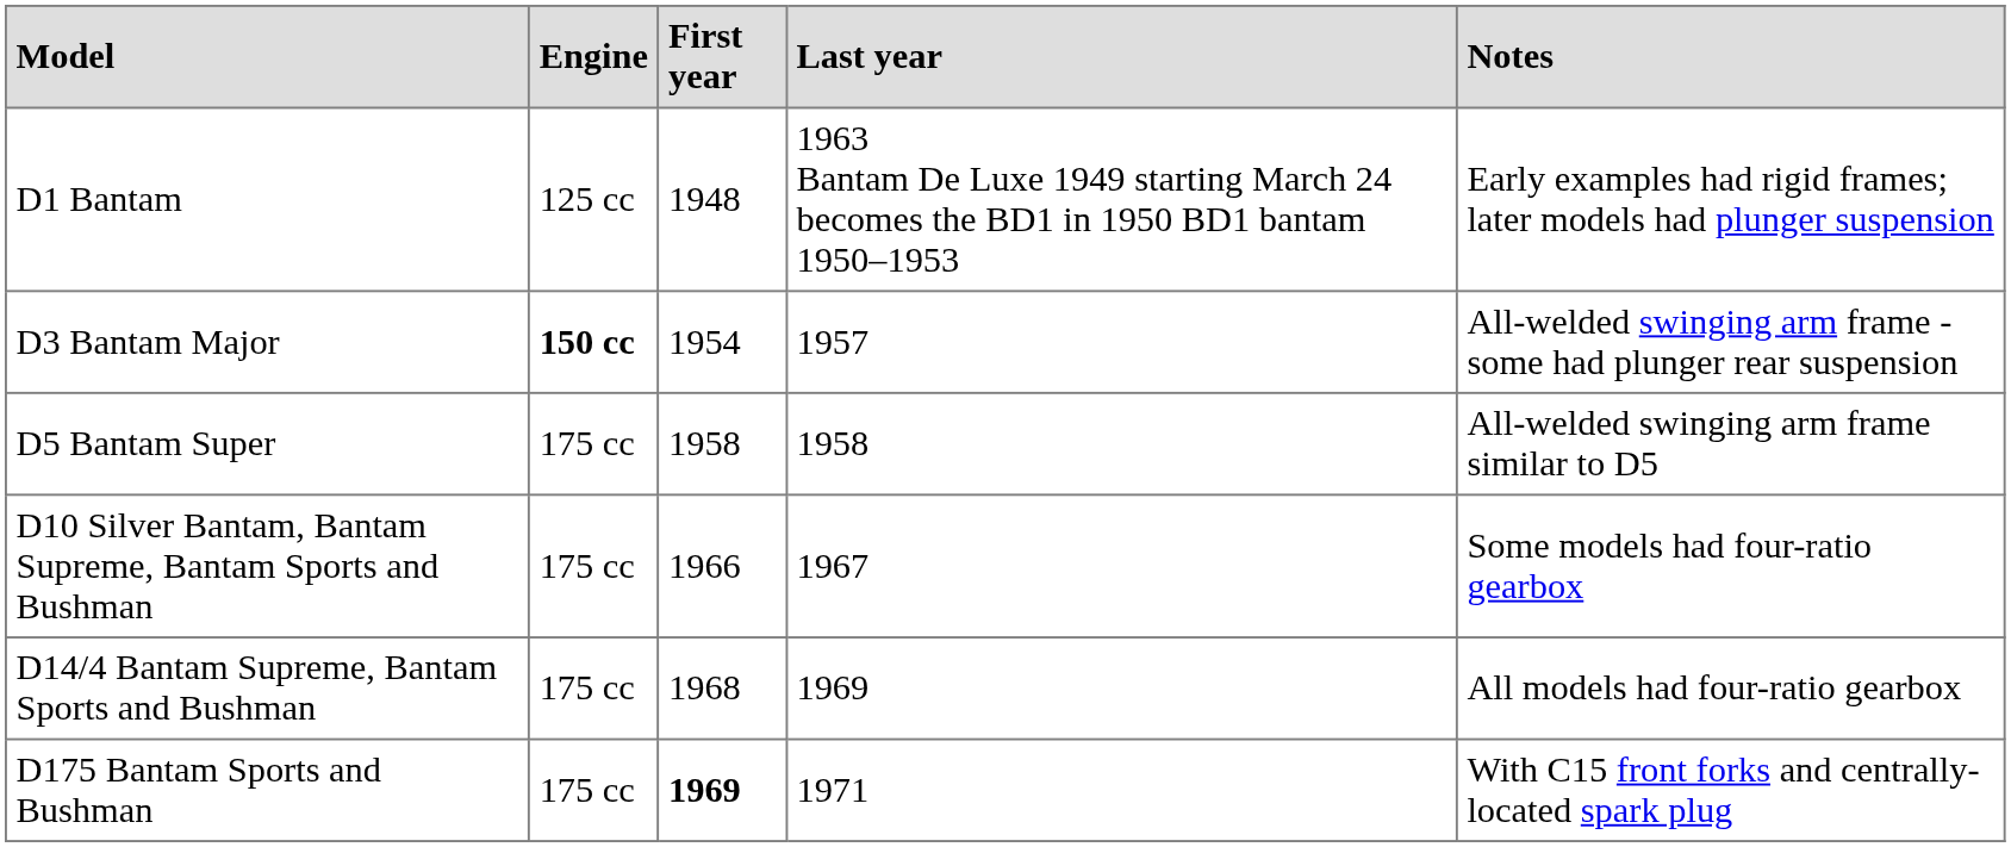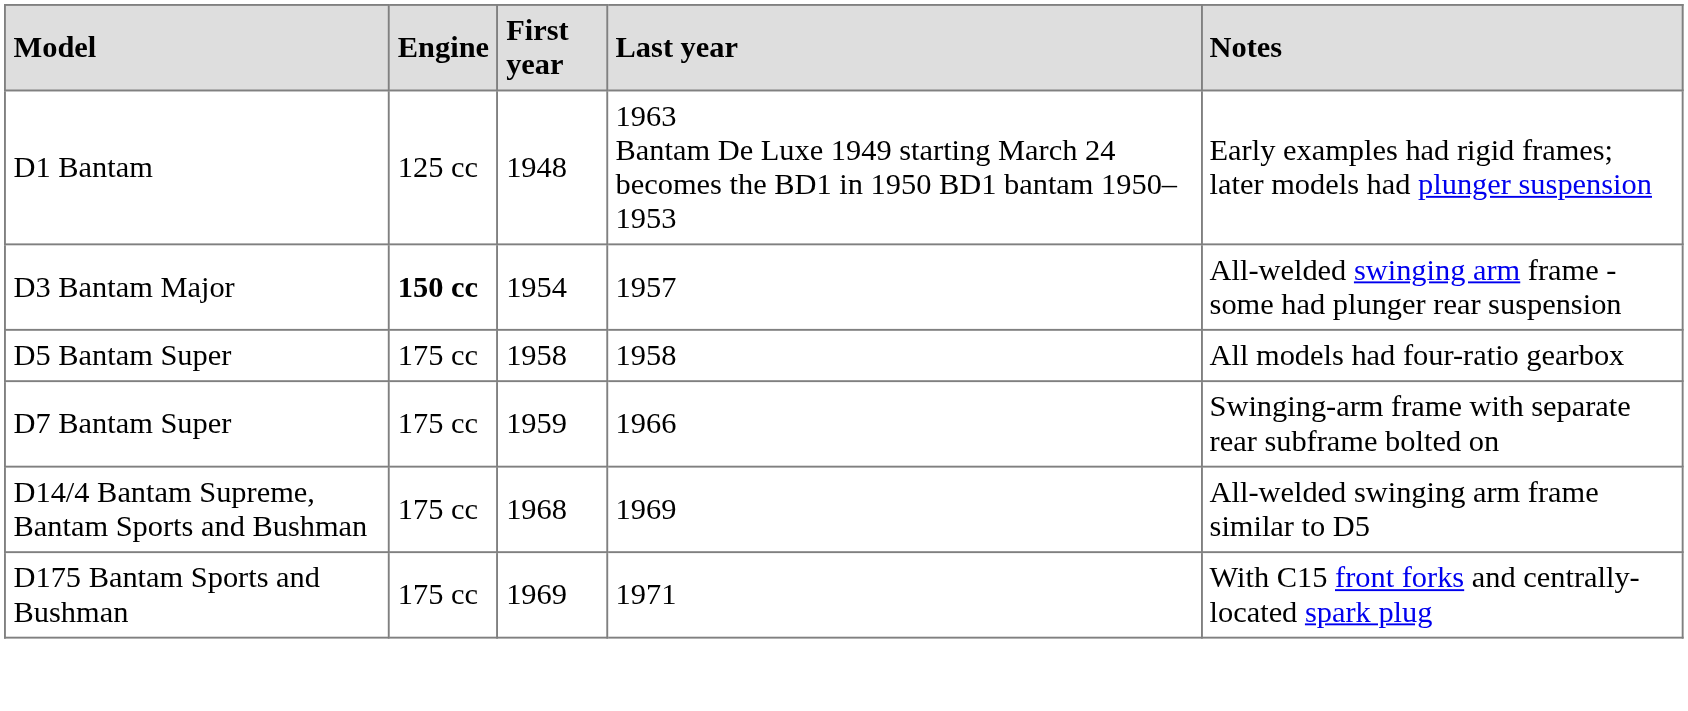 <table class="toccolours" border="1" cellpadding="4" style="border-collapse:collapse">
 <tr style="background:#dedede;">
 <td><strong>Model</strong></td>
 <td><strong>Engine</strong></td>
 <td><strong>First year</strong></td>
 <td><strong>Last year</strong></td>
 <td><strong>Notes</strong></td>
 </tr>
 <tr>
 <td>D1 Bantam</td>
 <td>125 cc</td>
 <td>1948</td>
 <td>1963<br>Bantam De Luxe 1949 starting March 24 becomes the BD1 in 1950 BD1 bantam 1950–1953</td>
 <td>Early examples had rigid frames; later models had <a href='#'>plunger suspension</a></td>
 </tr>
 <tr>
 <td>D3 Bantam Major</td>
 <td><strong>150 cc</strong></td>
 <td>1954</td>
 <td>1957</td>
 <td>All-welded <a href='#'>swinging arm</a> frame - some had plunger rear suspension</td>
 </tr>
 <tr>
 <td>D5 Bantam Super</td>
 <td>175 cc</td>
 <td>1958</td>
 <td>1958</td>
-<td>All-welded swinging arm frame similar to D5</td>
+<td>All models had four-ratio gearbox</td>
 </tr>
 <tr>
-<td>D10 Silver Bantam, Bantam Supreme, Bantam Sports and Bushman</td>
+<td>D7 Bantam Super</td>
 <td>175 cc</td>
+<td>1959</td>
 <td>1966</td>
-<td>1967</td>
-<td>Some models had four-ratio <a href='#'>gearbox</a></td>
+<td>Swinging-arm frame with separate rear subframe bolted on</td>
 </tr>
 <tr>
 <td>D14/4 Bantam Supreme, Bantam Sports and Bushman</td>
 <td>175 cc</td>
 <td>1968</td>
 <td>1969</td>
-<td>All models had four-ratio gearbox</td>
+<td>All-welded swinging arm frame similar to D5</td>
 </tr>
 <tr>
 <td>D175 Bantam Sports and Bushman</td>
 <td>175 cc</td>
-<td><strong>1969</strong></td>
+<td>1969</td>
 <td>1971</td>
 <td>With C15 <a href='#'>front forks</a> and centrally-located <a href='#'>spark plug</a></td>
 </tr>
 </table>
